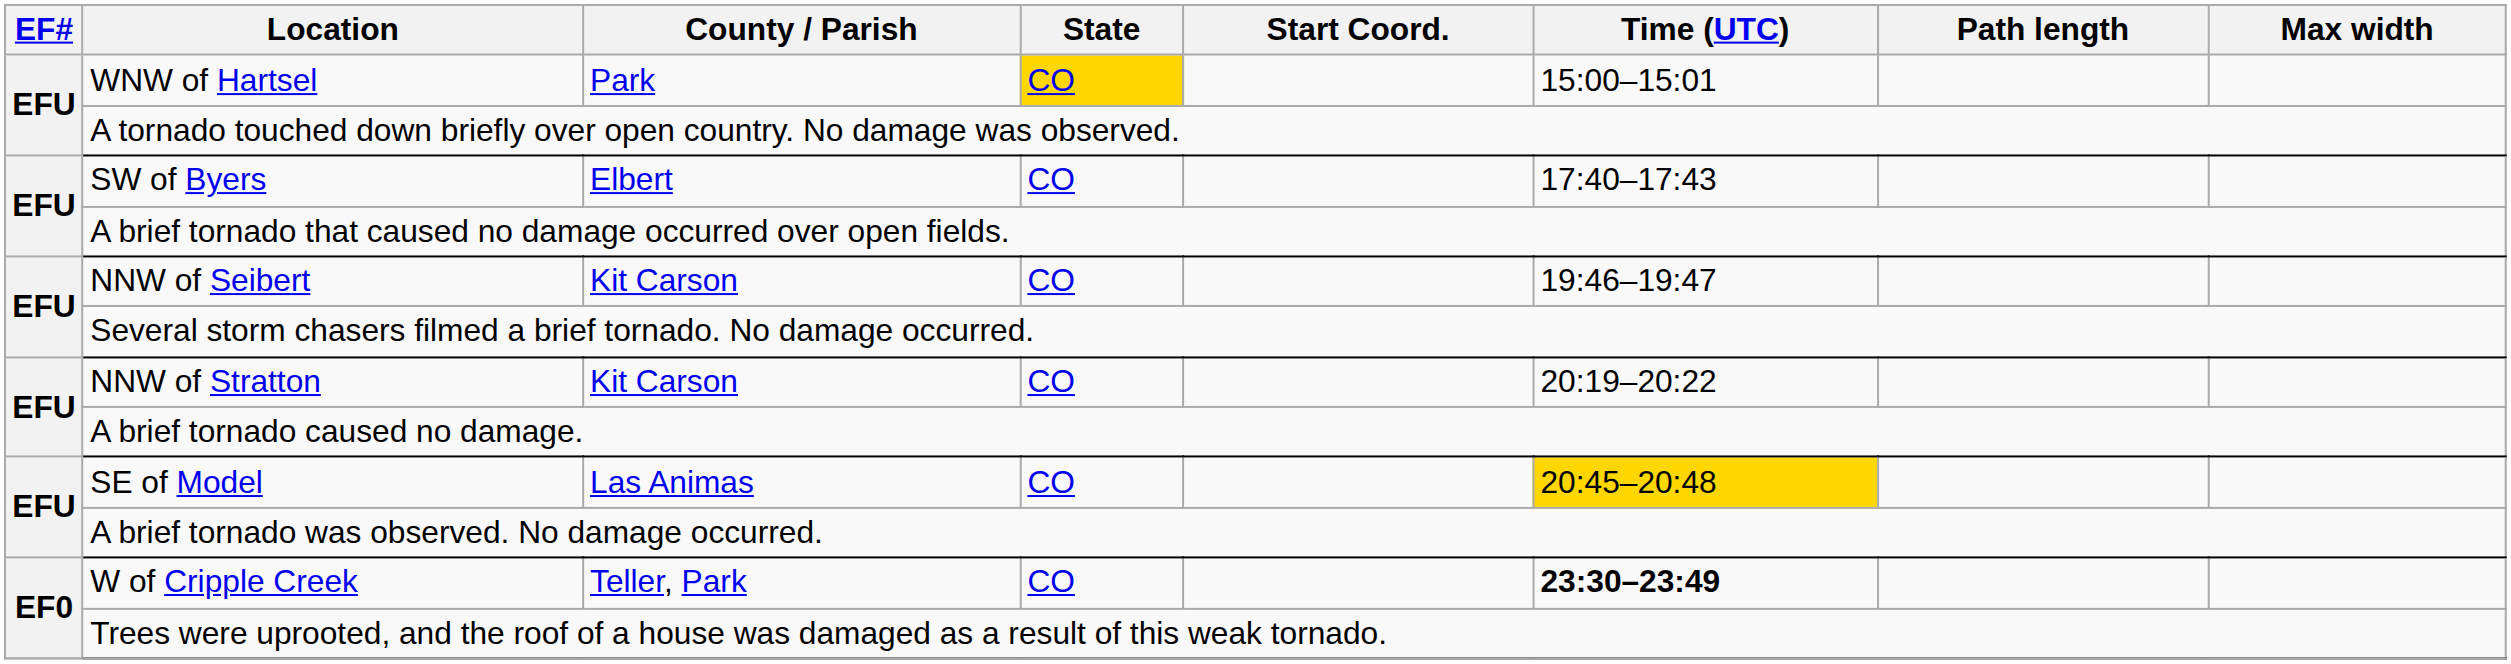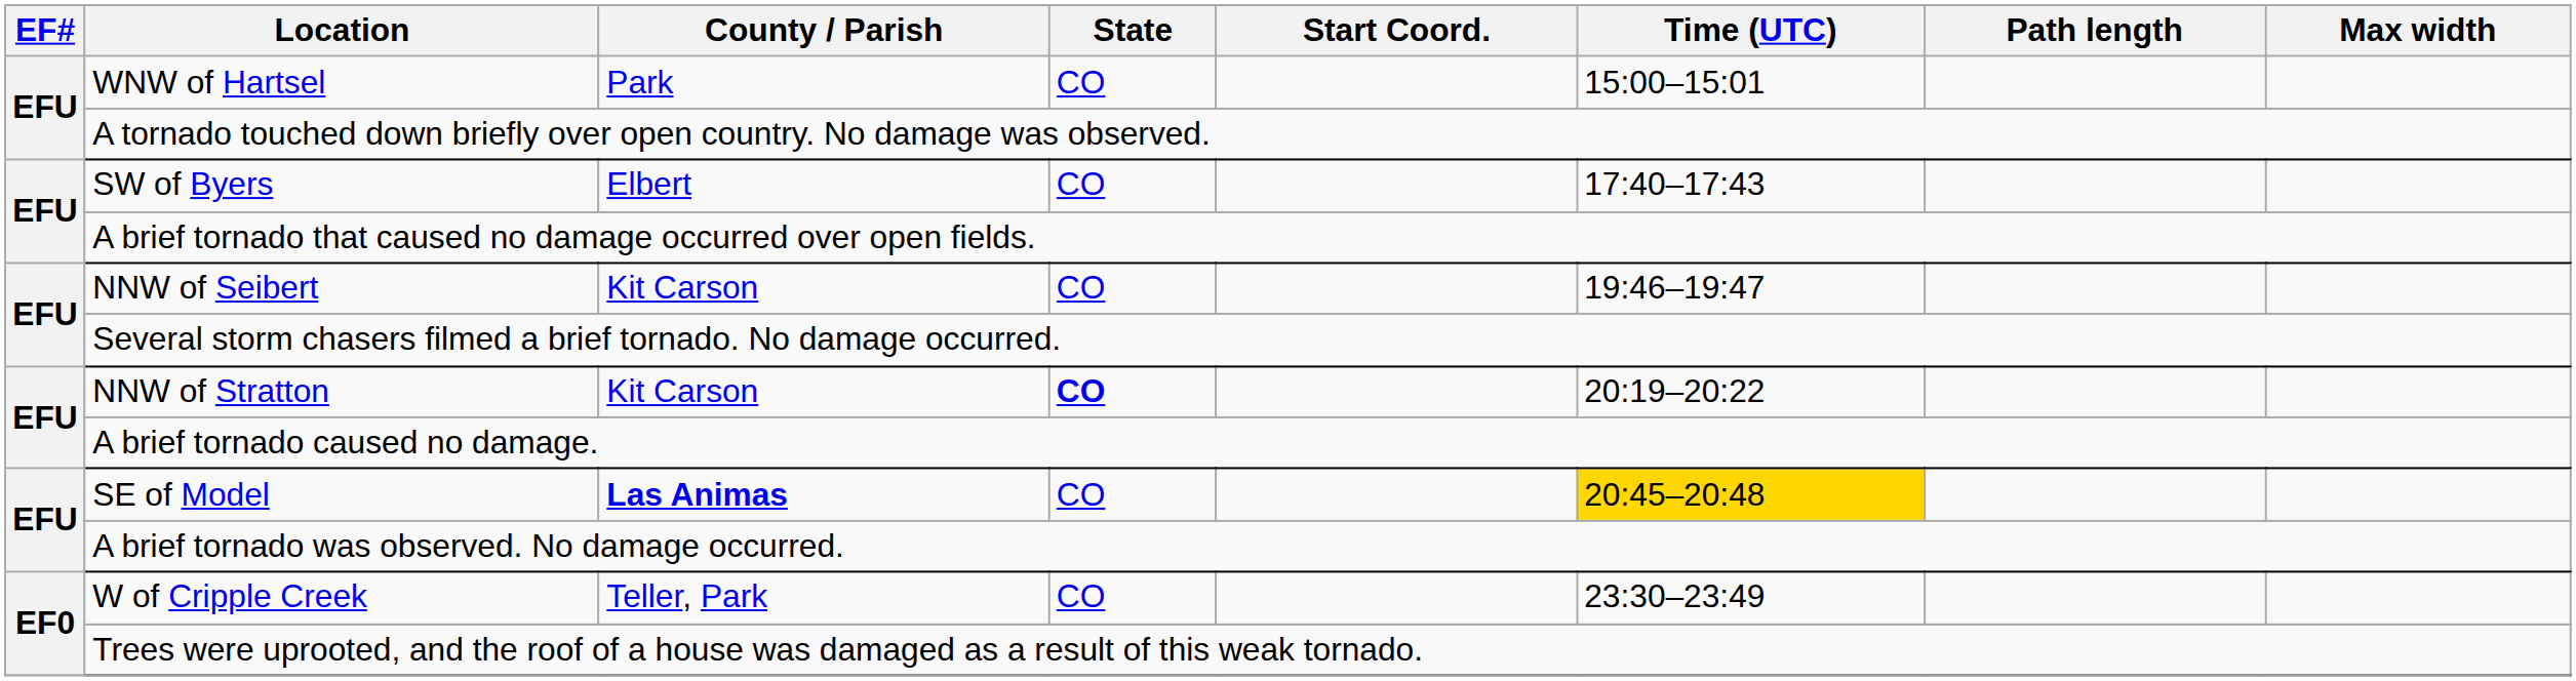 <table class="wikitable sortable" style="width:100%;">
 <tr>
 <th scope="col" width="2%" align="center"><a href='#'>EF#</a></th>
 <th scope="col" align="center" class="unsortable">Location</th>
 <th scope="col" align="center" class="unsortable">County / Parish</th>
 <th scope="col" align="center">State</th>
 <th scope="col" align="center">Start Coord.</th>
 <th scope="col" align="center">Time (<a href='#'>UTC</a>)</th>
 <th scope="col" align="center">Path length</th>
 <th scope="col" align="center">Max width</th>
 </tr>
 <tr>
 <th scope="row" rowspan="2" style="background-color:#">EFU</th>
 <td>WNW of <a href='#'>Hartsel</a></td>
 <td><a href='#'>Park</a></td>
-<td style="background: gold;"><a href='#'>CO</a></td>
+<td><a href='#'>CO</a></td>
 <td></td>
 <td>15:00–15:01</td>
 <td></td>
 <td></td>
 </tr>
 <tr class="expand-child">
 <td colspan="8" style=" border-bottom: 1px solid black;">A tornado touched down briefly over open country. No damage was observed.</td>
 </tr>
 <tr>
 <th scope="row" rowspan="2" style="background-color:#">EFU</th>
 <td>SW of <a href='#'>Byers</a></td>
 <td><a href='#'>Elbert</a></td>
 <td><a href='#'>CO</a></td>
 <td></td>
 <td>17:40–17:43</td>
 <td></td>
 <td></td>
 </tr>
 <tr class="expand-child">
 <td colspan="8" style=" border-bottom: 1px solid black;">A brief tornado that caused no damage occurred over open fields.</td>
 </tr>
 <tr>
 <th scope="row" rowspan="2" style="background-color:#">EFU</th>
 <td>NNW of <a href='#'>Seibert</a></td>
 <td><a href='#'>Kit Carson</a></td>
 <td><a href='#'>CO</a></td>
 <td></td>
 <td>19:46–19:47</td>
 <td></td>
 <td></td>
 </tr>
 <tr class="expand-child">
 <td colspan="8" style=" border-bottom: 1px solid black;">Several storm chasers filmed a brief tornado. No damage occurred.</td>
 </tr>
 <tr>
 <th scope="row" rowspan="2" style="background-color:#">EFU</th>
 <td>NNW of <a href='#'>Stratton</a></td>
 <td><a href='#'>Kit Carson</a></td>
-<td><a href='#'>CO</a></td>
+<td><strong><a href='#'>CO</a></strong></td>
 <td></td>
 <td>20:19–20:22</td>
 <td></td>
 <td></td>
 </tr>
 <tr class="expand-child">
 <td colspan="8" style=" border-bottom: 1px solid black;">A brief tornado caused no damage.</td>
 </tr>
 <tr>
 <th scope="row" rowspan="2" style="background-color:#">EFU</th>
 <td>SE of <a href='#'>Model</a></td>
-<td><a href='#'>Las Animas</a></td>
+<td><strong><a href='#'>Las Animas</a></strong></td>
 <td><a href='#'>CO</a></td>
 <td></td>
 <td style="background: gold;">20:45–20:48</td>
 <td></td>
 <td></td>
 </tr>
 <tr class="expand-child">
 <td colspan="8" style=" border-bottom: 1px solid black;">A brief tornado was observed. No damage occurred.</td>
 </tr>
 <tr>
 <th scope="row" rowspan="2" style="background-color:#">EF0</th>
 <td>W of <a href='#'>Cripple Creek</a></td>
 <td><a href='#'>Teller</a>, <a href='#'>Park</a></td>
 <td><a href='#'>CO</a></td>
 <td></td>
-<td><strong>23:30–23:49</strong></td>
+<td>23:30–23:49</td>
 <td></td>
 <td></td>
 </tr>
 <tr class="expand-child">
 <td colspan="8" style=" border-bottom: 1px solid black;">Trees were uprooted, and the roof of a house was damaged as a result of this weak tornado.</td>
 </tr>
 <tr>
 </tr>
 </table>
